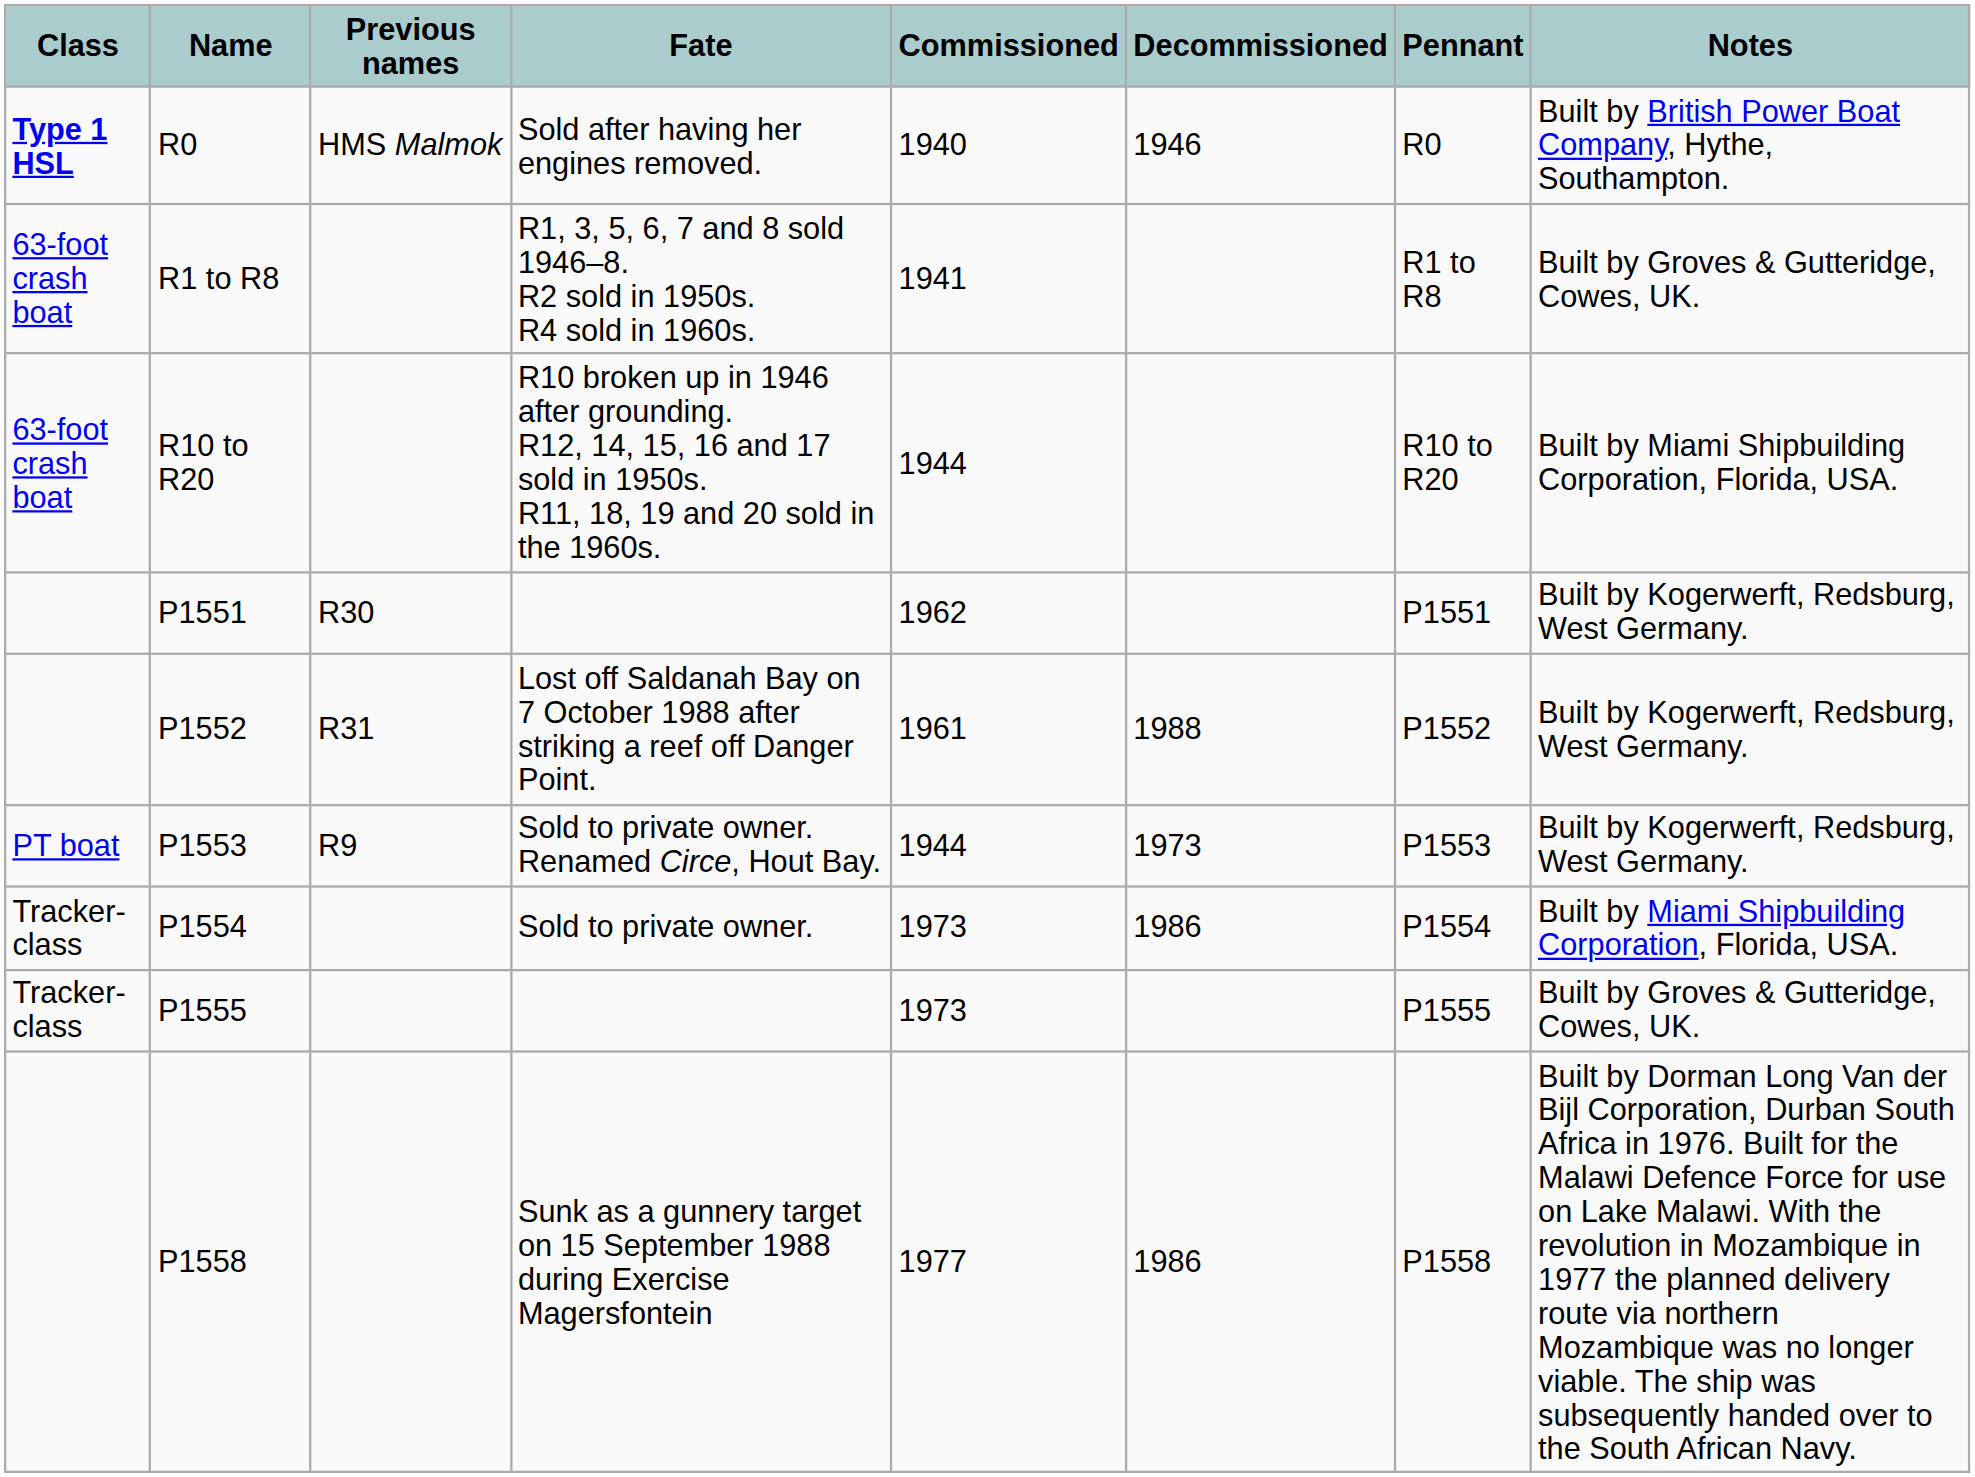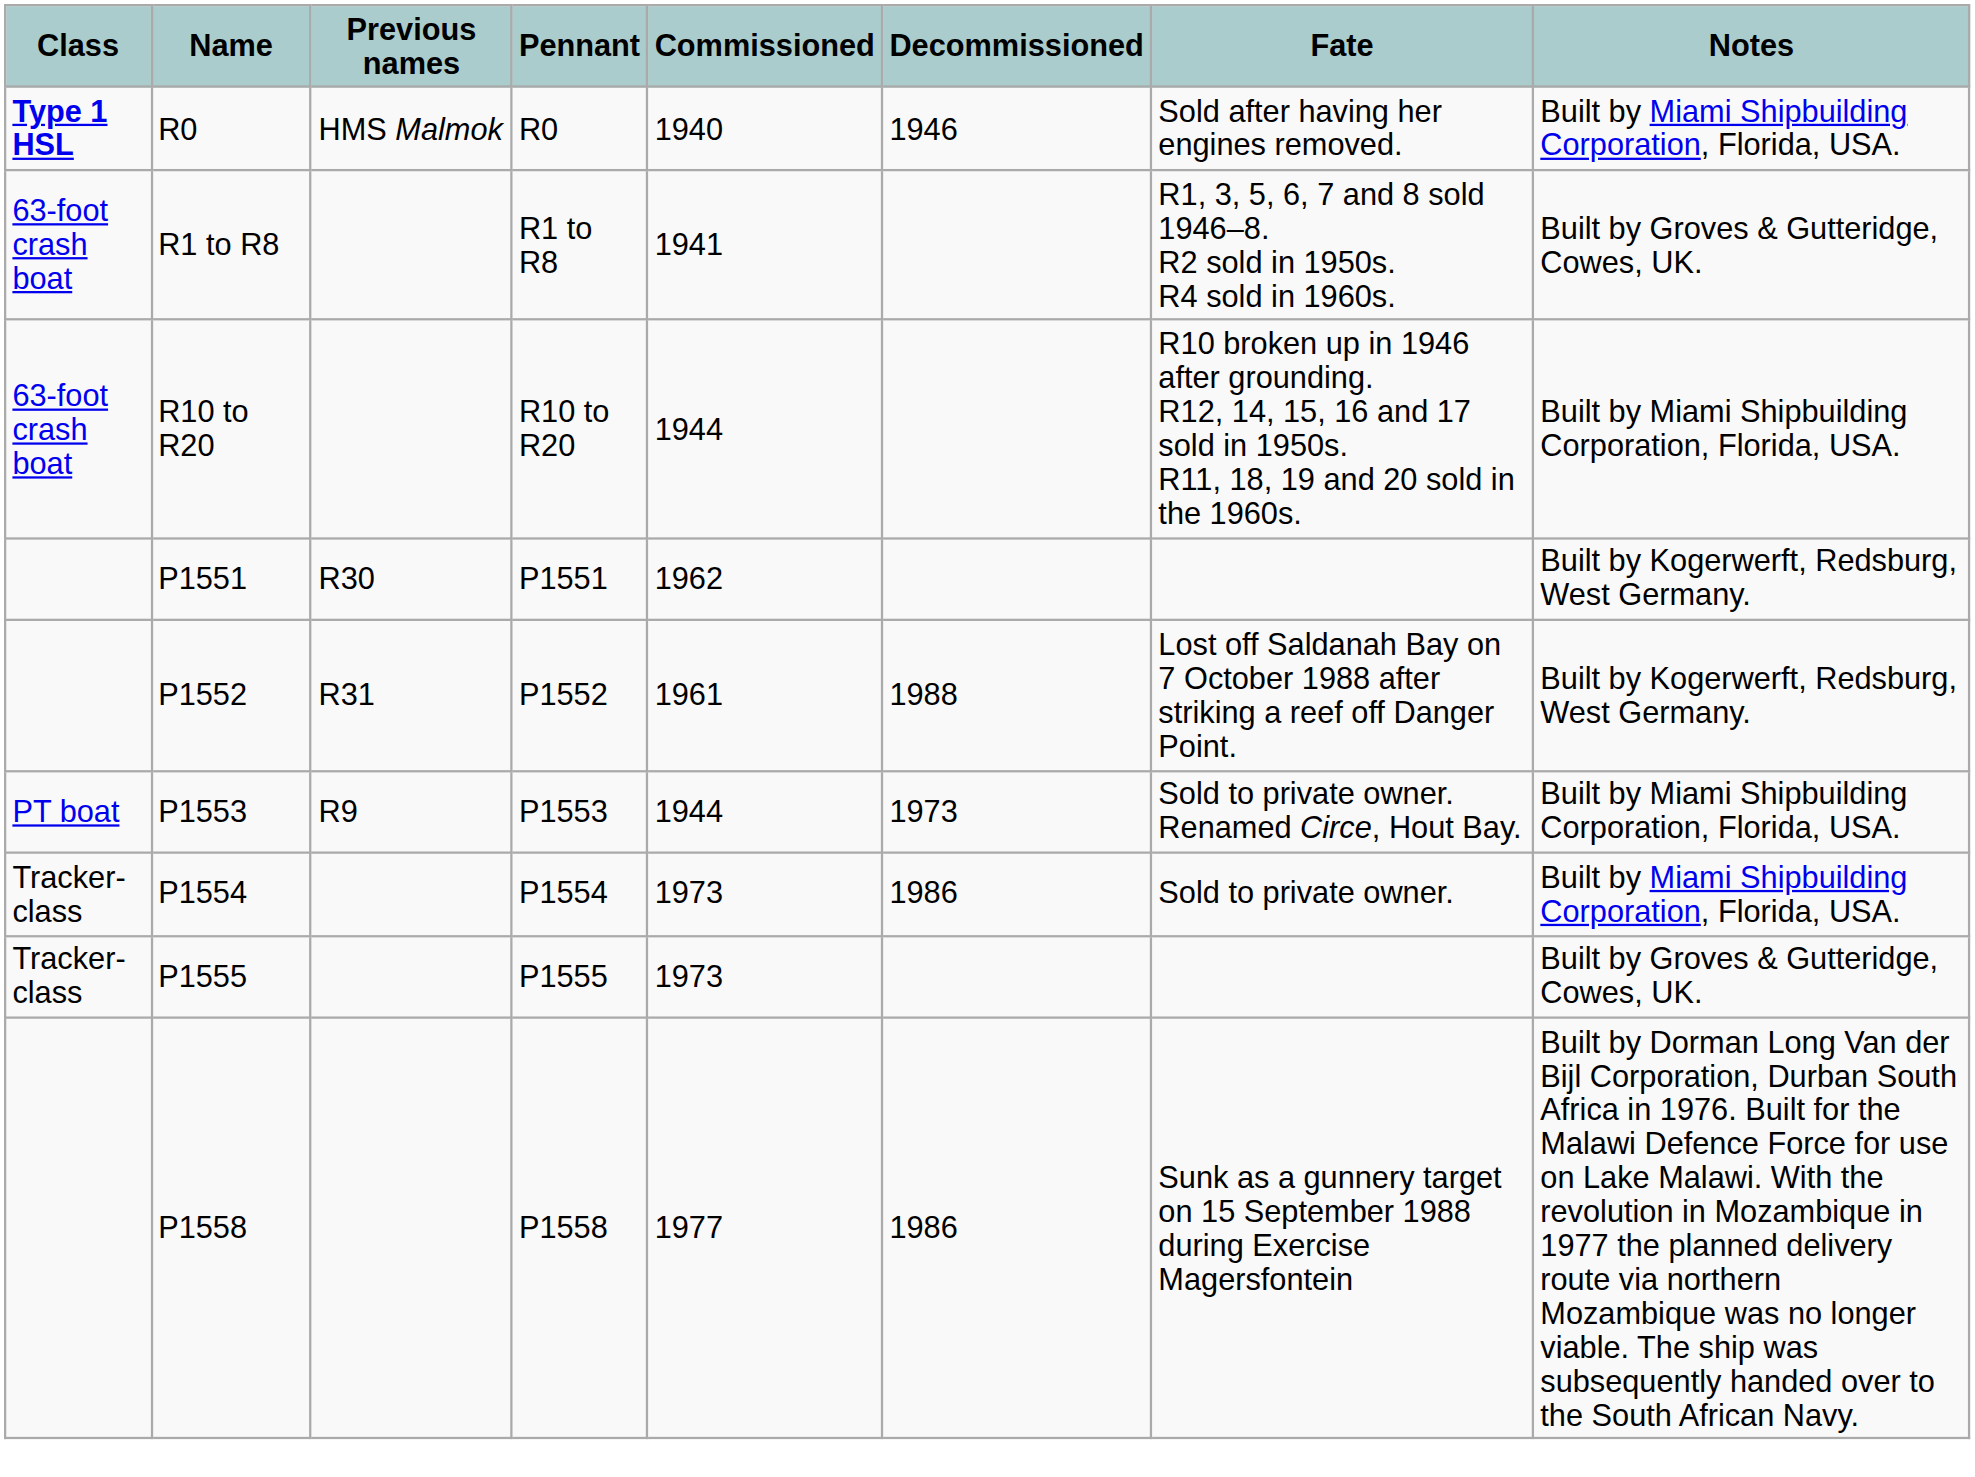 <table class="wikitable sortable" style="font-style: normal; font-size: 85%">
 <tr>
 <th style="width:8%; background-color:#aacccc">Class</th>
 <th style="width:10%; background-color:#aacccc">Name</th>
 <th class=unsortable style="width:12%; background-color:#aacccc">Previous names</th>
-<th class=unsortable style="width:25%; background-color:#aacccc">Fate</th>
+<th style="width:5%; background-color:#aacccc">Pennant</th>
 <th style="width:5%; background-color:#aacccc">Commissioned</th>
 <th style="width:5%; background-color:#aacccc">Decommissioned</th>
-<th style="width:5%; background-color:#aacccc">Pennant</th>
+<th class=unsortable style="width:25%; background-color:#aacccc">Fate</th>
 <th class=unsortable style="width:30%; background-color:#aacccc">Notes</th>
 </tr>
 <tr>
 <td><strong><a href='#'>Type 1 HSL</a></strong></td>
 <td>R0</td>
 <td>HMS <em>Malmok</em></td>
-<td>Sold after having her engines removed.</td>
+<td>R0</td>
 <td>1940</td>
 <td>1946</td>
-<td>R0</td>
-<td>Built by <a href='#'>British Power Boat Company</a>, Hythe, Southampton.</td>
+<td>Sold after having her engines removed.</td>
+<td>Built by <a href='#'>Miami Shipbuilding Corporation</a>, Florida, USA.</td>
 </tr>
 <tr>
 <td><a href='#'>63-foot crash boat</a></td>
 <td>R1 to R8</td>
 <td></td>
-<td>R1, 3, 5, 6, 7 and 8 sold 1946–8.<br>R2 sold in 1950s.<br>R4 sold in 1960s.</td>
+<td>R1 to R8</td>
 <td>1941</td>
 <td></td>
-<td>R1 to R8</td>
+<td>R1, 3, 5, 6, 7 and 8 sold 1946–8.<br>R2 sold in 1950s.<br>R4 sold in 1960s.</td>
 <td>Built by Groves & Gutteridge, Cowes, UK.</td>
 </tr>
 <tr>
 <td><a href='#'>63-foot crash boat</a></td>
 <td>R10 to R20</td>
 <td></td>
-<td>R10 broken up in 1946 after grounding.<br>R12, 14, 15, 16 and 17 sold in 1950s.<br>R11, 18, 19 and 20 sold in the 1960s.</td>
+<td>R10 to R20</td>
 <td>1944</td>
 <td></td>
-<td>R10 to R20</td>
+<td>R10 broken up in 1946 after grounding.<br>R12, 14, 15, 16 and 17 sold in 1950s.<br>R11, 18, 19 and 20 sold in the 1960s.</td>
 <td>Built by Miami Shipbuilding Corporation, Florida, USA.</td>
 </tr>
 <tr>
 <td></td>
 <td>P1551</td>
 <td>R30</td>
-<td></td>
+<td>P1551</td>
 <td>1962</td>
 <td></td>
-<td>P1551</td>
+<td></td>
 <td>Built by Kogerwerft, Redsburg, West Germany.</td>
 </tr>
 <tr>
 <td></td>
 <td>P1552</td>
 <td>R31</td>
-<td>Lost off Saldanah Bay on 7 October 1988 after striking a reef off Danger Point.</td>
+<td>P1552</td>
 <td>1961</td>
 <td>1988</td>
-<td>P1552</td>
+<td>Lost off Saldanah Bay on 7 October 1988 after striking a reef off Danger Point.</td>
 <td>Built by Kogerwerft, Redsburg, West Germany.</td>
 </tr>
 <tr>
 <td><a href='#'>PT boat</a></td>
 <td>P1553</td>
 <td>R9</td>
-<td>Sold to private owner.  Renamed <em>Circe</em>, Hout Bay.</td>
+<td>P1553</td>
 <td>1944</td>
 <td>1973</td>
-<td>P1553</td>
-<td>Built by Kogerwerft, Redsburg, West Germany.</td>
+<td>Sold to private owner.  Renamed <em>Circe</em>, Hout Bay.</td>
+<td>Built by Miami Shipbuilding Corporation, Florida, USA.</td>
 </tr>
 <tr>
 <td>Tracker-class</td>
 <td>P1554</td>
 <td></td>
-<td>Sold to private owner.</td>
+<td>P1554</td>
 <td>1973</td>
 <td>1986</td>
-<td>P1554</td>
+<td>Sold to private owner.</td>
 <td>Built by <a href='#'>Miami Shipbuilding Corporation</a>, Florida, USA.</td>
 </tr>
 <tr>
 <td>Tracker-class</td>
 <td>P1555</td>
 <td></td>
-<td></td>
+<td>P1555</td>
 <td>1973</td>
 <td></td>
-<td>P1555</td>
+<td></td>
 <td>Built by Groves & Gutteridge, Cowes, UK.</td>
 </tr>
 <tr>
 <td></td>
 <td>P1558</td>
 <td></td>
-<td>Sunk as a gunnery target on 15 September 1988 during Exercise Magersfontein</td>
+<td>P1558</td>
 <td>1977</td>
 <td>1986</td>
-<td>P1558</td>
+<td>Sunk as a gunnery target on 15 September 1988 during Exercise Magersfontein</td>
 <td>Built by Dorman Long Van der Bijl Corporation, Durban South Africa in 1976.  Built for the Malawi Defence Force for use on Lake Malawi.  With the revolution in Mozambique in 1977 the planned delivery route via northern Mozambique was no longer viable.  The ship was subsequently handed over to the South African Navy.</td>
 </tr>
 </table>
